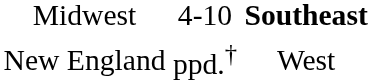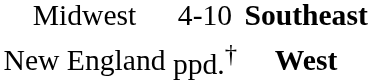 <table>
 <tr>
 <td align=center>Midwest</td>
 <td align=center>4-10</td>
 <td align=center><strong>Southeast</strong></td>
 </tr>
 <tr>
 <td align=center>New England</td>
 <td align=center>ppd.<sup>†</sup></td>
-<td align=center>West</td>
+<td align=center><strong>West</strong></td>
 </tr>
 </table>
